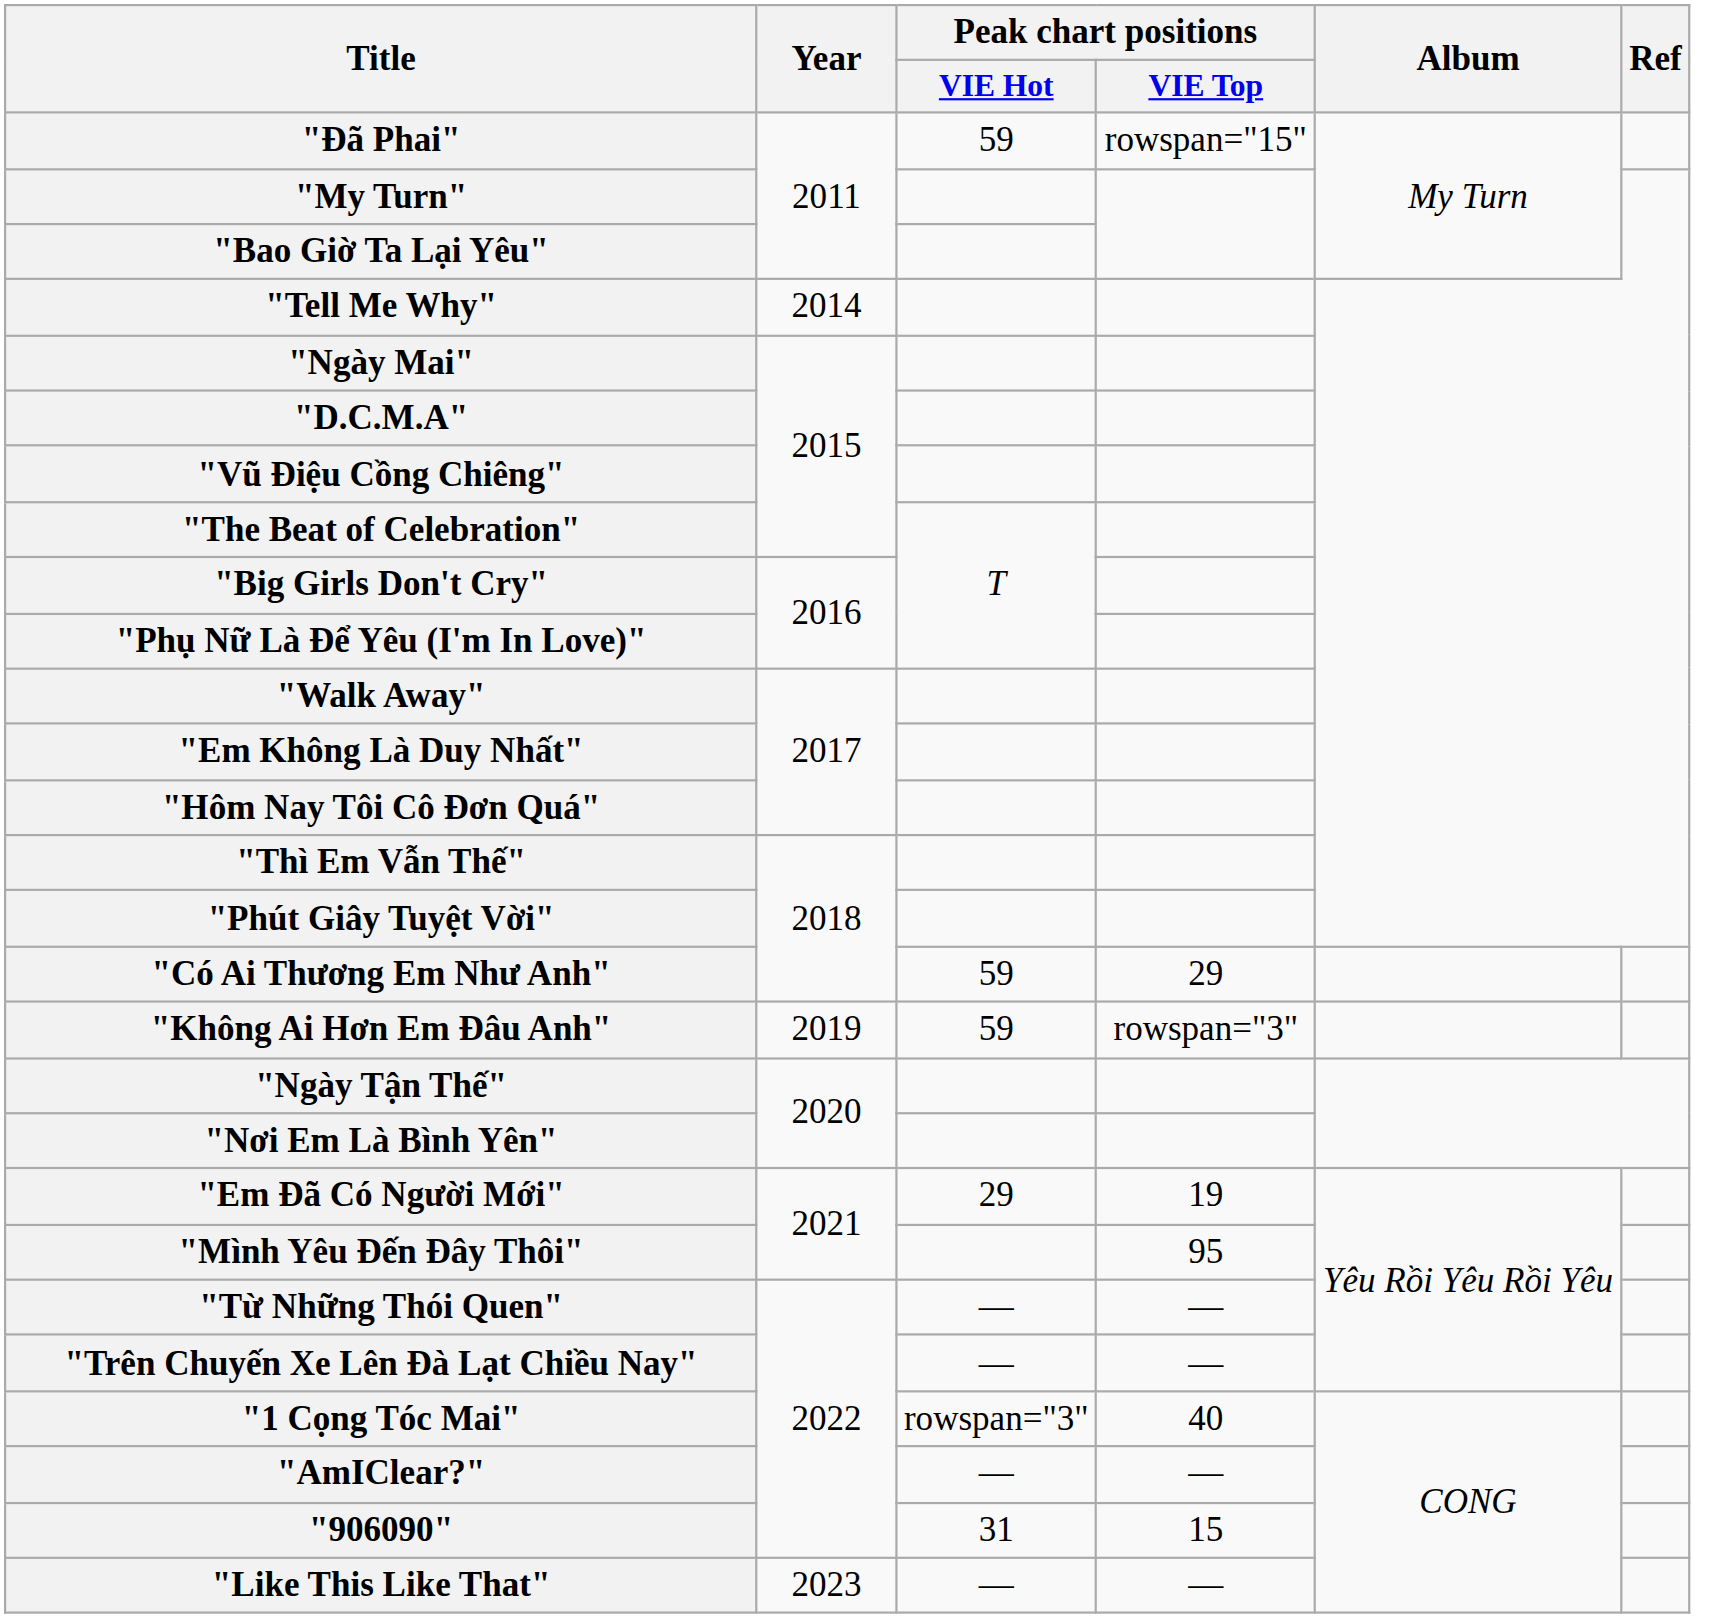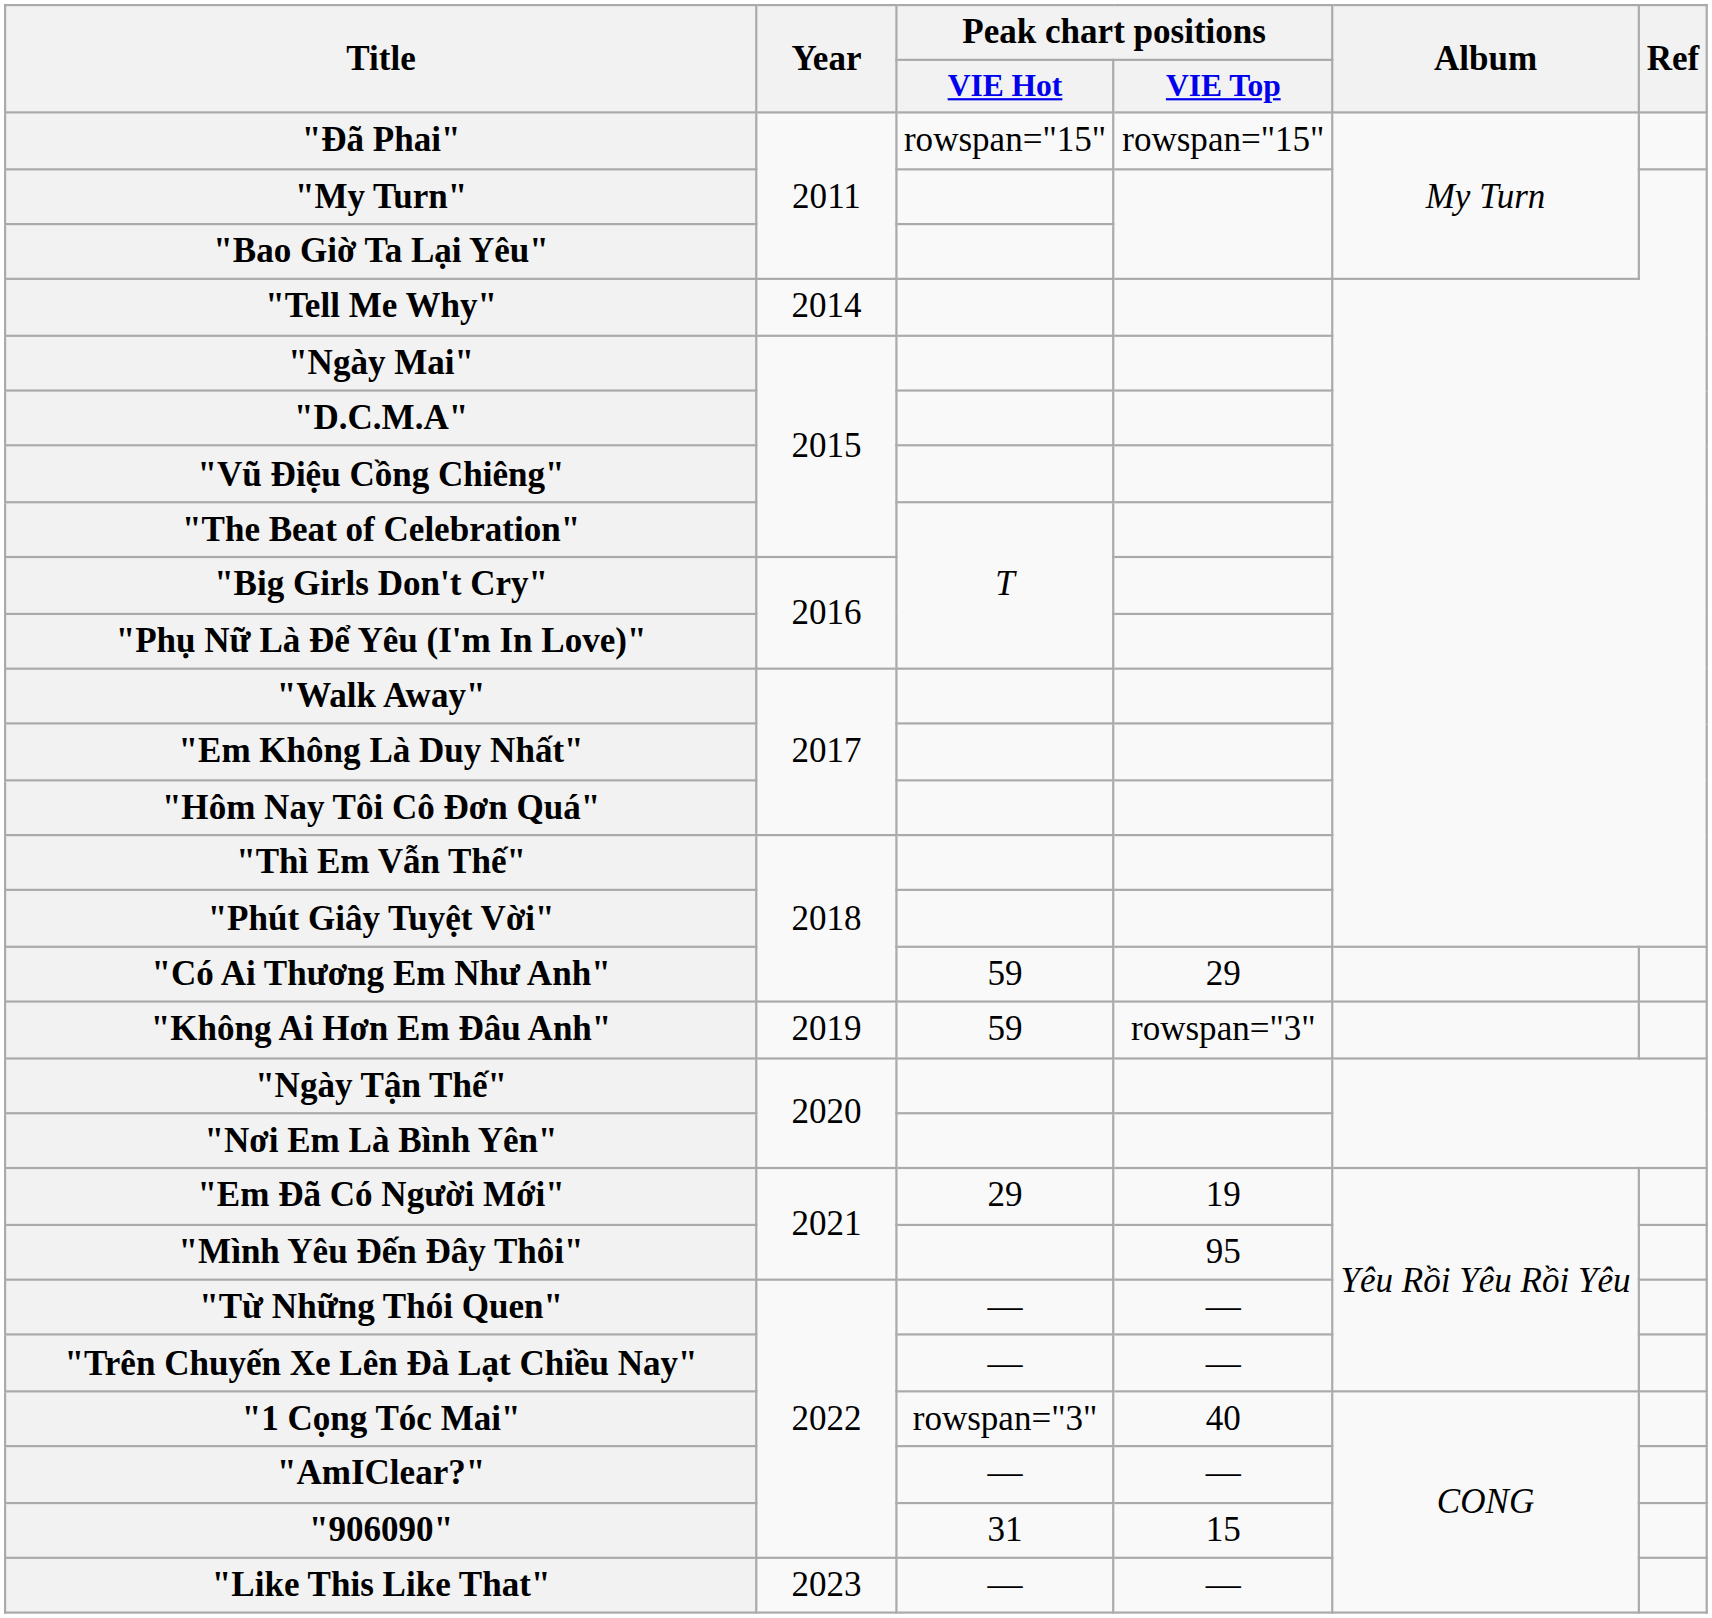 <table class="wikitable plainrowheaders" border="1" style="text-align:center;">
 <tr>
 <th scope="col" style="width:21em;" rowspan="2">Title</th>
 <th scope="col" style="width:3.5em;" rowspan="2">Year</th>
 <th colspan="2”">Peak chart positions</th>
 <th rowspan="2">Album</th>
 <th scope="col" class="unsortable" rowspan="2">Ref</th>
 </tr>
 <tr>
 <th style="width:3em;font-size:90%;"><a href='#'>VIE Hot</a><br></th>
 <th style="width:3em;font-size:90%;"><a href='#'>VIE Top</a><br></th>
 </tr>
 <tr>
 <th scope="row">"Đã Phai"</th>
 <td rowspan="3">2011</td>
-<td>59</td>
+<td>rowspan="15" </td>
 <td>rowspan="15" </td>
 <td rowspan="3"><em>My Turn</em></td>
 <td></td>
 </tr>
 <tr>
 <th scope="row">"My Turn"</th>
 <td></td>
 </tr>
 <tr>
 <th scope="row">"Bao Giờ Ta Lại Yêu"</th>
 <td></td>
 </tr>
 <tr>
 <th scope="row">"Tell Me Why"</th>
 <td>2014</td>
 <td></td>
 <td></td>
 </tr>
 <tr>
 <th scope="row">"Ngày Mai"</th>
 <td rowspan="4">2015</td>
 <td></td>
 <td></td>
 </tr>
 <tr>
 <th scope="row">"D.C.M.A" </th>
 <td></td>
 <td></td>
 </tr>
 <tr>
 <th scope="row">"Vũ Điệu Cồng Chiêng" </th>
 <td></td>
 <td></td>
 </tr>
 <tr>
 <th scope="row">"The Beat of Celebration" </th>
 <td rowspan="3"><em>T</em></td>
 <td></td>
 </tr>
 <tr>
 <th scope="row">"Big Girls Don't Cry"</th>
 <td rowspan="2">2016</td>
 <td></td>
 </tr>
 <tr>
 <th scope="row">"Phụ Nữ Là Để Yêu (I'm In Love)"</th>
 <td></td>
 </tr>
 <tr>
 <th scope="row">"Walk Away"</th>
 <td rowspan="3">2017</td>
 <td></td>
 <td></td>
 </tr>
 <tr>
 <th scope="row">"Em Không Là Duy Nhất"</th>
 <td></td>
 <td></td>
 </tr>
 <tr>
 <th scope="row">"Hôm Nay Tôi Cô Đơn Quá" </th>
 <td></td>
 <td></td>
 </tr>
 <tr>
 <th scope="row">"Thì Em Vẫn Thế"</th>
 <td rowspan="3">2018</td>
 <td></td>
 <td></td>
 </tr>
 <tr>
 <th scope="row">"Phút Giây Tuyệt Vời"</th>
 <td></td>
 <td></td>
 </tr>
 <tr>
 <th scope="row">"Có Ai Thương Em Như Anh"</th>
 <td>59</td>
 <td>29</td>
 <td></td>
 <td></td>
 </tr>
 <tr>
 <th scope="row">"Không Ai Hơn Em Đâu Anh"</th>
 <td>2019</td>
 <td>59</td>
 <td>rowspan="3" </td>
 <td></td>
 <td></td>
 </tr>
 <tr>
 <th scope="row">"Ngày Tận Thế" </th>
 <td rowspan="2">2020</td>
 <td></td>
 <td></td>
 </tr>
 <tr>
 <th scope="row">"Nơi Em Là Bình Yên" </th>
 <td></td>
 <td></td>
 </tr>
 <tr>
 <th scope="row">"Em Đã Có Người Mới" </th>
 <td rowspan="2">2021</td>
 <td>29</td>
 <td>19</td>
 <td rowspan="4"><em>Yêu Rồi Yêu Rồi Yêu</em></td>
 <td></td>
 </tr>
 <tr>
 <th scope="row">"Mình Yêu Đến Đây Thôi"</th>
 <td></td>
 <td>95</td>
 <td></td>
 </tr>
 <tr>
 <th scope="row">"Từ Những Thói Quen"</th>
 <td rowspan="5">2022</td>
 <td>—</td>
 <td>—</td>
 <td></td>
 </tr>
 <tr>
 <th scope="row">"Trên Chuyến Xe Lên Đà Lạt Chiều Nay"</th>
 <td>—</td>
 <td>—</td>
 <td></td>
 </tr>
 <tr>
 <th scope="row">"1 Cọng Tóc Mai" </th>
 <td>rowspan="3" </td>
 <td>40</td>
 <td rowspan="4"><em>CONG</em></td>
 <td></td>
 </tr>
 <tr>
 <th scope="row">"AmIClear?" </th>
 <td>—</td>
 <td>—</td>
 <td></td>
 </tr>
 <tr>
 <th scope="row">"906090" </th>
 <td>31</td>
 <td>15</td>
 <td></td>
 </tr>
 <tr>
 <th scope="row">"Like This Like That" </th>
 <td>2023</td>
 <td>—</td>
 <td>—</td>
 <td></td>
 </tr>
 </table>
